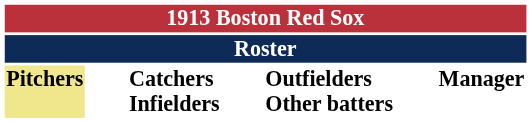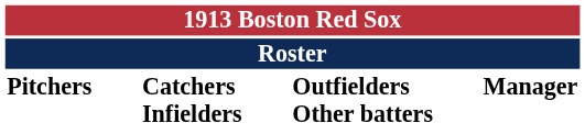 <table class="toccolours" style="text-align: left;">
 <tr>
 <th colspan="10" style="background-color: #ba313c; color: white; text-align: center;">1913 Boston Red Sox</th>
 </tr>
 <tr>
 <td colspan="10" style="background-color: #0d2b56; color: white; text-align: center;"><strong>Roster</strong></td>
 </tr>
 <tr>
-<td valign="top" style="background: khaki;"><strong>Pitchers</strong><br>          </td>
+<td valign="top"><strong>Pitchers</strong><br>          </td>
 <td width="25px"></td>
 <td valign="top"><strong>Catchers</strong><br>     <strong>Infielders</strong>         </td>
 <td width="25px"></td>
 <td valign="top"><strong>Outfielders</strong><br>      <strong>Other batters</strong> </td>
 <td width="25px"></td>
 <td valign="top"><strong>Manager</strong><br> </td>
 </tr>
 <tr>
 </tr>
 </table>
